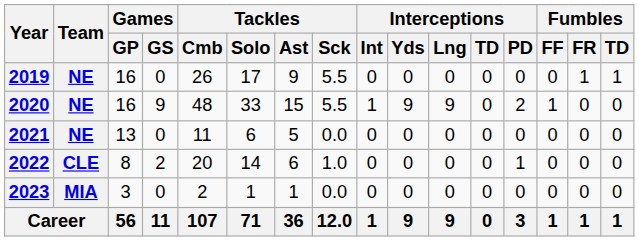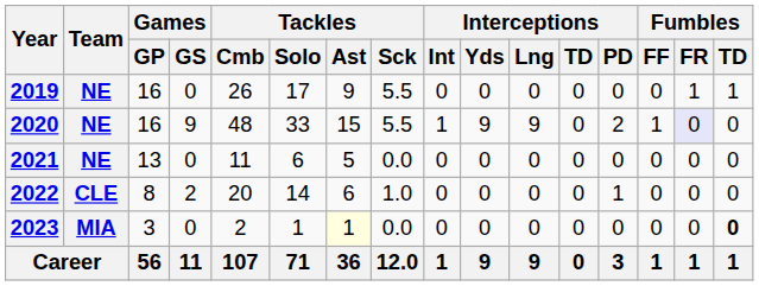 <table class="wikitable" style="text-align:center">
 <tr>
 <th rowspan="2">Year</th>
 <th rowspan="2">Team</th>
 <th colspan="2">Games</th>
 <th colspan="4">Tackles</th>
 <th colspan="5">Interceptions</th>
 <th colspan="3">Fumbles</th>
 </tr>
 <tr>
 <th>GP</th>
 <th>GS</th>
 <th>Cmb</th>
 <th>Solo</th>
 <th>Ast</th>
 <th>Sck</th>
 <th>Int</th>
 <th>Yds</th>
 <th>Lng</th>
 <th>TD</th>
 <th>PD</th>
 <th>FF</th>
 <th>FR</th>
 <th>TD</th>
 </tr>
 <tr>
 <th><a href='#'>2019</a></th>
 <th><a href='#'>NE</a></th>
 <td>16</td>
 <td>0</td>
 <td>26</td>
 <td>17</td>
 <td>9</td>
 <td>5.5</td>
 <td>0</td>
 <td>0</td>
 <td>0</td>
 <td>0</td>
 <td>0</td>
 <td>0</td>
 <td>1</td>
 <td>1</td>
 </tr>
 <tr>
 <th><a href='#'>2020</a></th>
 <th><a href='#'>NE</a></th>
 <td>16</td>
 <td>9</td>
 <td>48</td>
 <td>33</td>
 <td>15</td>
 <td>5.5</td>
 <td>1</td>
 <td>9</td>
 <td>9</td>
 <td>0</td>
 <td>2</td>
 <td>1</td>
-<td>0</td>
+<td style="background: lavender;">0</td>
 <td>0</td>
 </tr>
 <tr>
 <th><a href='#'>2021</a></th>
 <th><a href='#'>NE</a></th>
 <td>13</td>
 <td>0</td>
 <td>11</td>
 <td>6</td>
 <td>5</td>
 <td>0.0</td>
 <td>0</td>
 <td>0</td>
 <td>0</td>
 <td>0</td>
 <td>0</td>
 <td>0</td>
 <td>0</td>
 <td>0</td>
 </tr>
 <tr>
 <th><a href='#'>2022</a></th>
 <th><a href='#'>CLE</a></th>
 <td>8</td>
 <td>2</td>
 <td>20</td>
 <td>14</td>
 <td>6</td>
 <td>1.0</td>
 <td>0</td>
 <td>0</td>
 <td>0</td>
 <td>0</td>
 <td>1</td>
 <td>0</td>
 <td>0</td>
 <td>0</td>
 </tr>
 <tr>
 <th><a href='#'>2023</a></th>
 <th><a href='#'>MIA</a></th>
 <td>3</td>
 <td>0</td>
 <td>2</td>
 <td>1</td>
-<td>1</td>
+<td style="background: lightyellow;">1</td>
 <td>0.0</td>
 <td>0</td>
 <td>0</td>
 <td>0</td>
 <td>0</td>
 <td>0</td>
 <td>0</td>
 <td>0</td>
-<td>0</td>
+<td><strong>0</strong></td>
 </tr>
 <tr>
 <th colspan="2">Career</th>
 <th>56</th>
 <th>11</th>
 <th>107</th>
 <th>71</th>
 <th>36</th>
 <th>12.0</th>
 <th>1</th>
 <th>9</th>
 <th>9</th>
 <th>0</th>
 <th>3</th>
 <th>1</th>
 <th>1</th>
 <th>1</th>
 </tr>
 </table>
